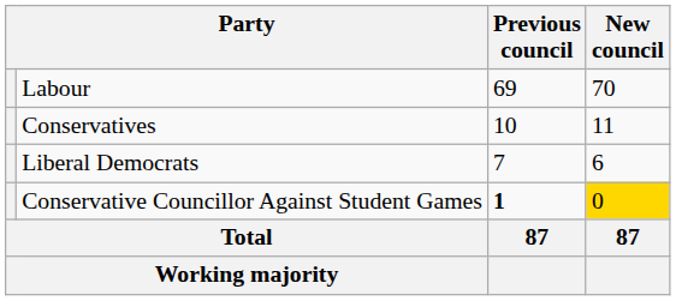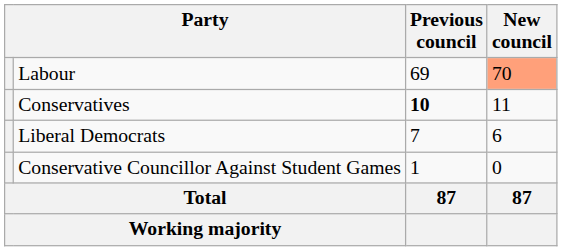 <table class="wikitable">
 <tr>
 <th valign=top colspan="2" style="width: 230px">Party</th>
 <th valign=top style="width: 30px">Previous council</th>
 <th valign=top style="width: 30px">New council</th>
 </tr>
 <tr>
 <th style="background-color: "></th>
 <td>Labour</td>
 <td>69</td>
-<td>70</td>
+<td style="background: lightsalmon;">70</td>
 </tr>
 <tr>
 <th style="background-color: "></th>
 <td>Conservatives</td>
-<td>10</td>
+<td><strong>10</strong></td>
 <td>11</td>
 </tr>
 <tr>
 <th style="background-color: "></th>
 <td>Liberal Democrats</td>
 <td>7</td>
 <td>6</td>
 </tr>
 <tr>
 <th style="background-color: "></th>
 <td>Conservative Councillor Against Student Games</td>
-<td><strong>1</strong></td>
-<td style="background: gold;">0</td>
+<td>1</td>
+<td>0</td>
 </tr>
 <tr>
 <th colspan=2>Total</th>
 <th style="text-align: center">87</th>
 <th colspan=3>87</th>
 </tr>
 <tr>
 <th colspan=2>Working majority</th>
 <th></th>
 <th></th>
 </tr>
 </table>
